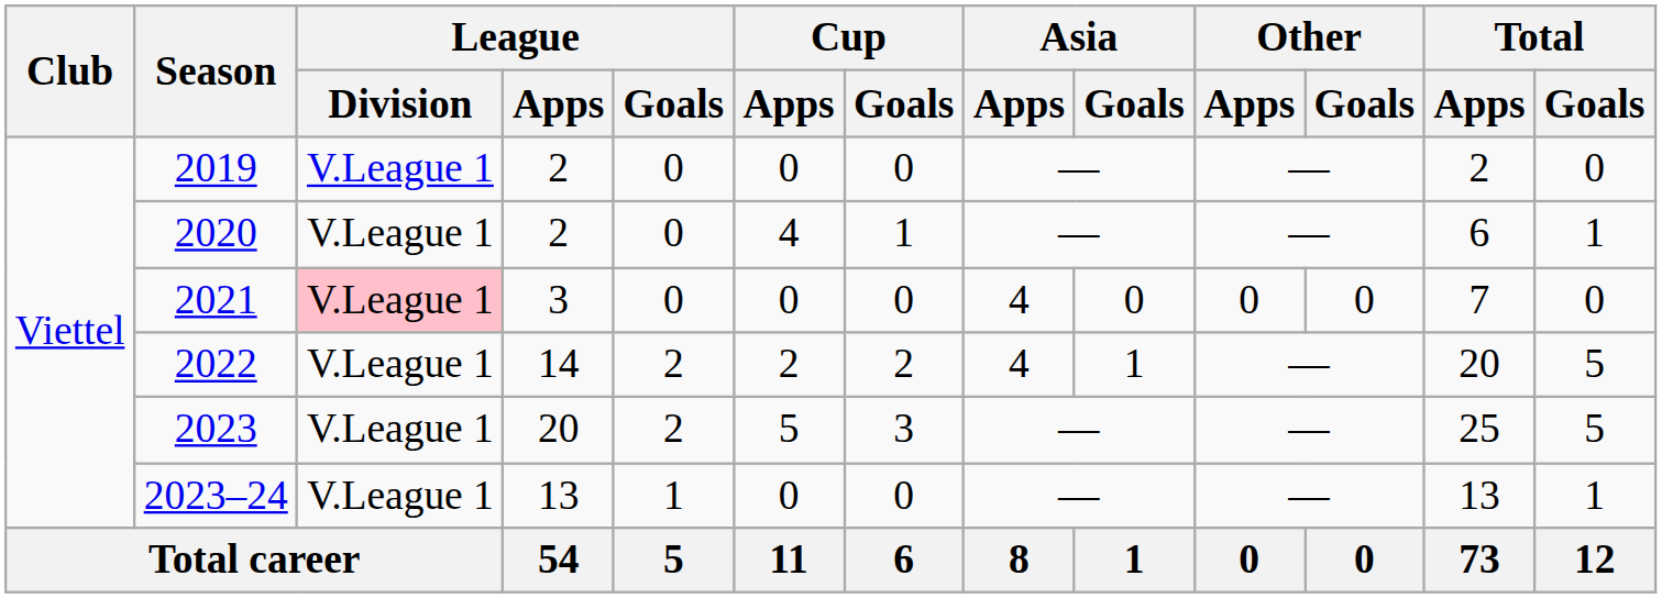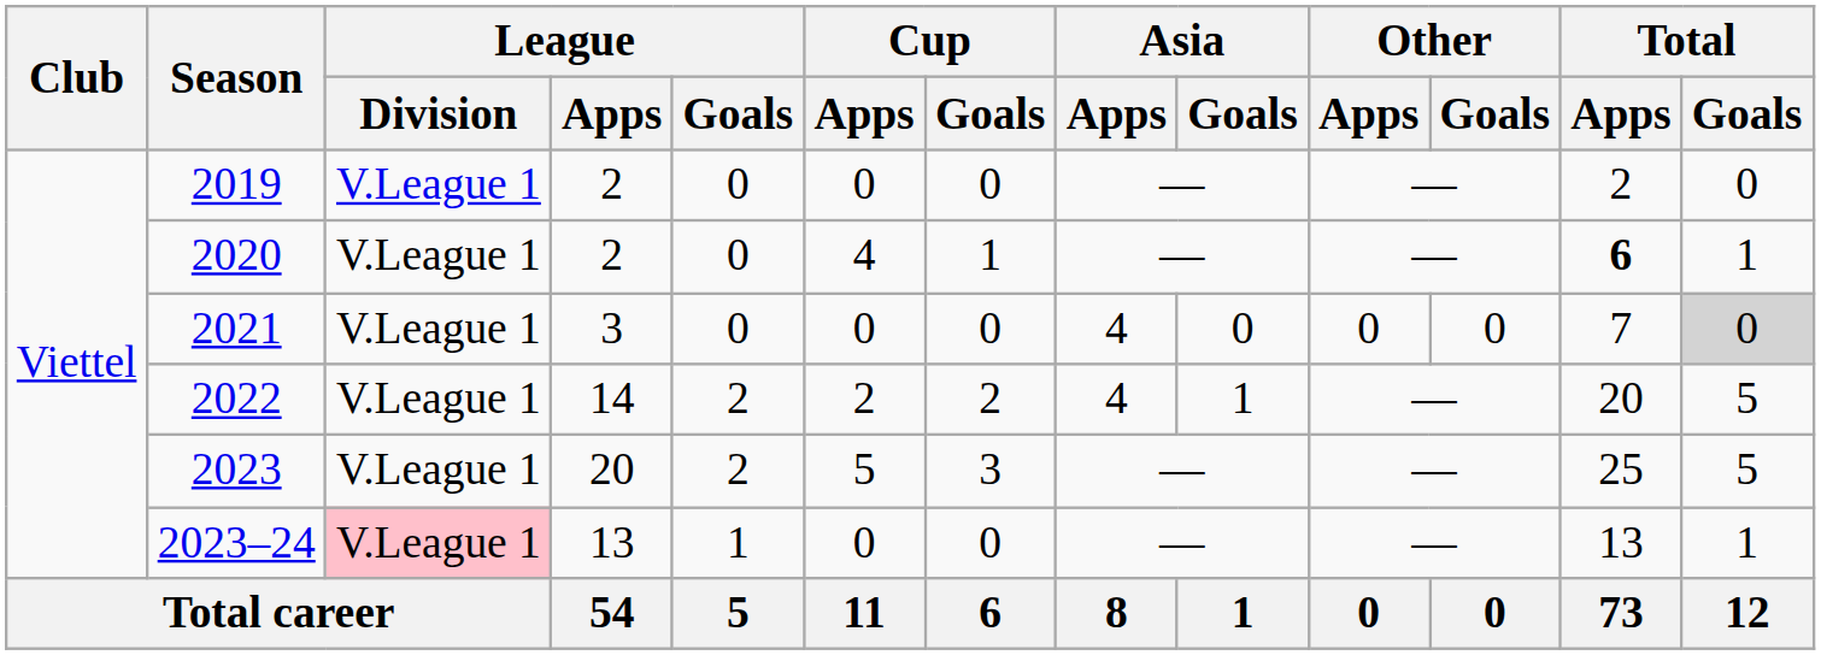 <table class="wikitable" style="text-align: center;">
 <tr>
 <th rowspan="2">Club</th>
 <th rowspan="2">Season</th>
 <th colspan="3">League</th>
 <th colspan="2">Cup</th>
 <th colspan="2">Asia</th>
 <th colspan="2">Other</th>
 <th colspan="2">Total</th>
 </tr>
 <tr>
 <th>Division</th>
 <th>Apps</th>
 <th>Goals</th>
 <th>Apps</th>
 <th>Goals</th>
 <th>Apps</th>
 <th>Goals</th>
 <th>Apps</th>
 <th>Goals</th>
 <th>Apps</th>
 <th>Goals</th>
 </tr>
 <tr>
 <td rowspan=6><a href='#'>Viettel</a></td>
 <td><a href='#'>2019</a></td>
 <td><a href='#'>V.League 1</a></td>
 <td>2</td>
 <td>0</td>
 <td>0</td>
 <td>0</td>
 <td colspan=2>—</td>
 <td colspan=2>—</td>
 <td>2</td>
 <td>0</td>
 </tr>
 <tr>
 <td><a href='#'>2020</a></td>
 <td>V.League 1</td>
 <td>2</td>
 <td>0</td>
 <td>4</td>
 <td>1</td>
 <td colspan=2>—</td>
 <td colspan=2>—</td>
-<td>6</td>
+<td><strong>6</strong></td>
 <td>1</td>
 </tr>
 <tr>
 <td><a href='#'>2021</a></td>
-<td style="background: pink;">V.League 1</td>
+<td>V.League 1</td>
 <td>3</td>
 <td>0</td>
 <td>0</td>
 <td>0</td>
 <td>4</td>
 <td>0</td>
 <td>0</td>
 <td>0</td>
 <td>7</td>
-<td>0</td>
+<td style="background: lightgrey;">0</td>
 </tr>
 <tr>
 <td><a href='#'>2022</a></td>
 <td>V.League 1</td>
 <td>14</td>
 <td>2</td>
 <td>2</td>
 <td>2</td>
 <td>4</td>
 <td>1</td>
 <td colspan=2>—</td>
 <td>20</td>
 <td>5</td>
 </tr>
 <tr>
 <td><a href='#'>2023</a></td>
 <td>V.League 1</td>
 <td>20</td>
 <td>2</td>
 <td>5</td>
 <td>3</td>
 <td colspan=2>—</td>
 <td colspan=2>—</td>
 <td>25</td>
 <td>5</td>
 </tr>
 <tr>
 <td><a href='#'>2023–24</a></td>
-<td>V.League 1</td>
+<td style="background: pink;">V.League 1</td>
 <td>13</td>
 <td>1</td>
 <td>0</td>
 <td>0</td>
 <td colspan=2>—</td>
 <td colspan=2>—</td>
 <td>13</td>
 <td>1</td>
 </tr>
 <tr>
 <th colspan=3>Total career</th>
 <th>54</th>
 <th>5</th>
 <th>11</th>
 <th>6</th>
 <th>8</th>
 <th>1</th>
 <th>0</th>
 <th>0</th>
 <th>73</th>
 <th>12</th>
 </tr>
 </table>
